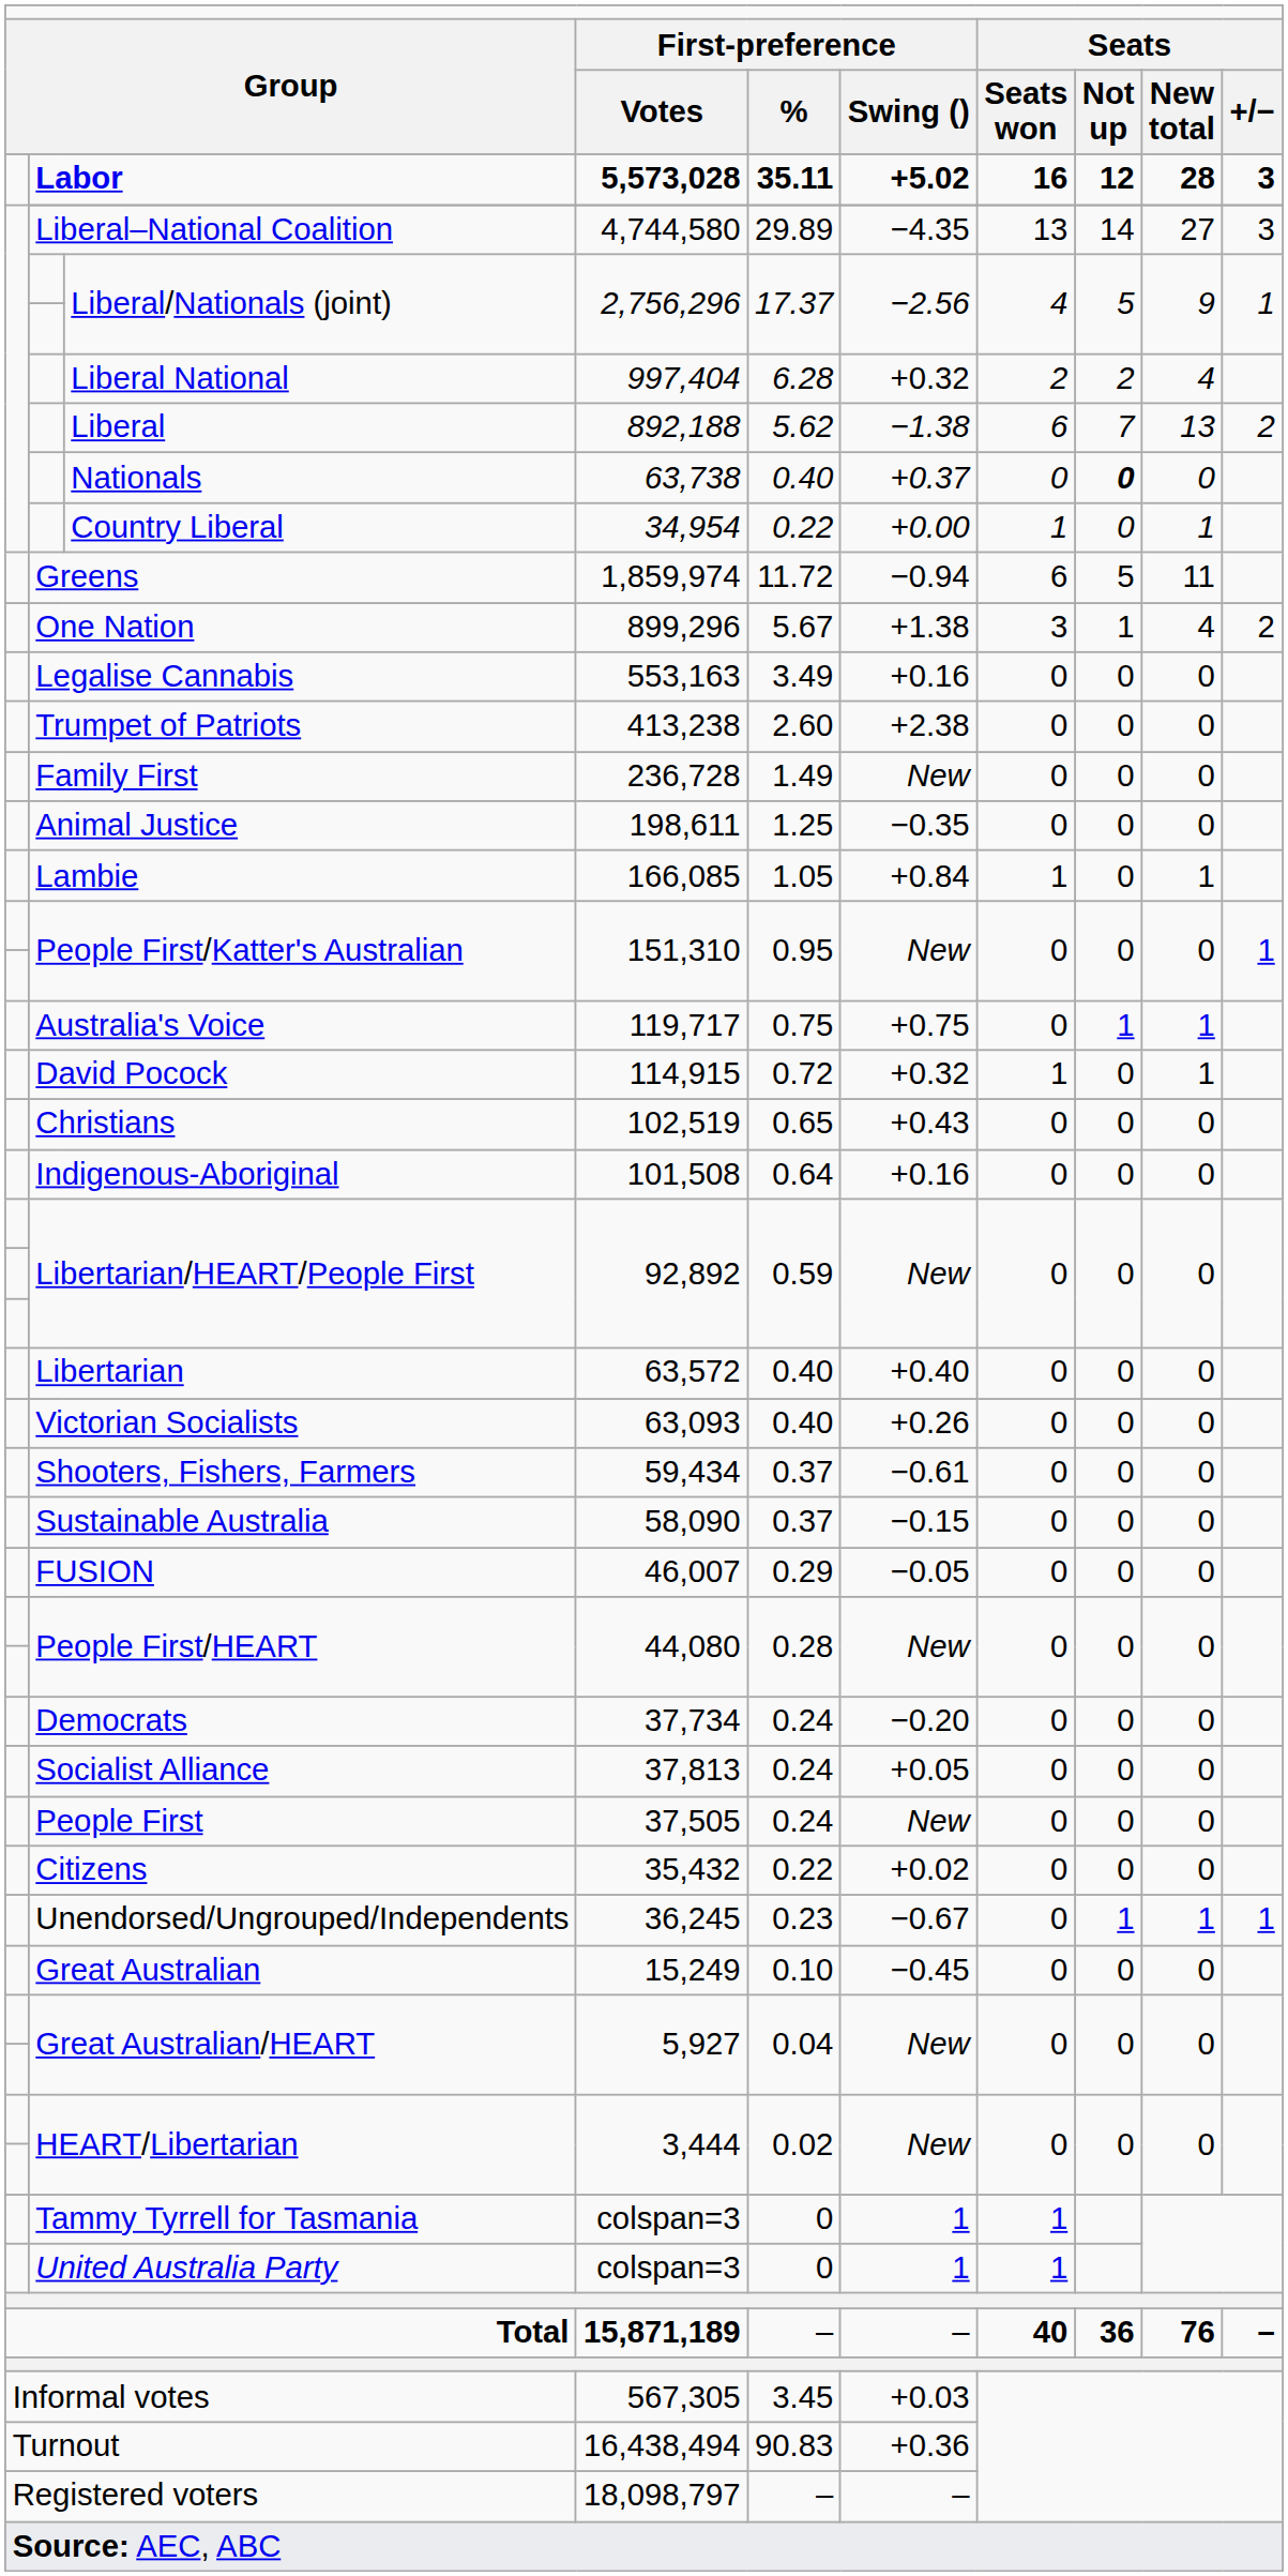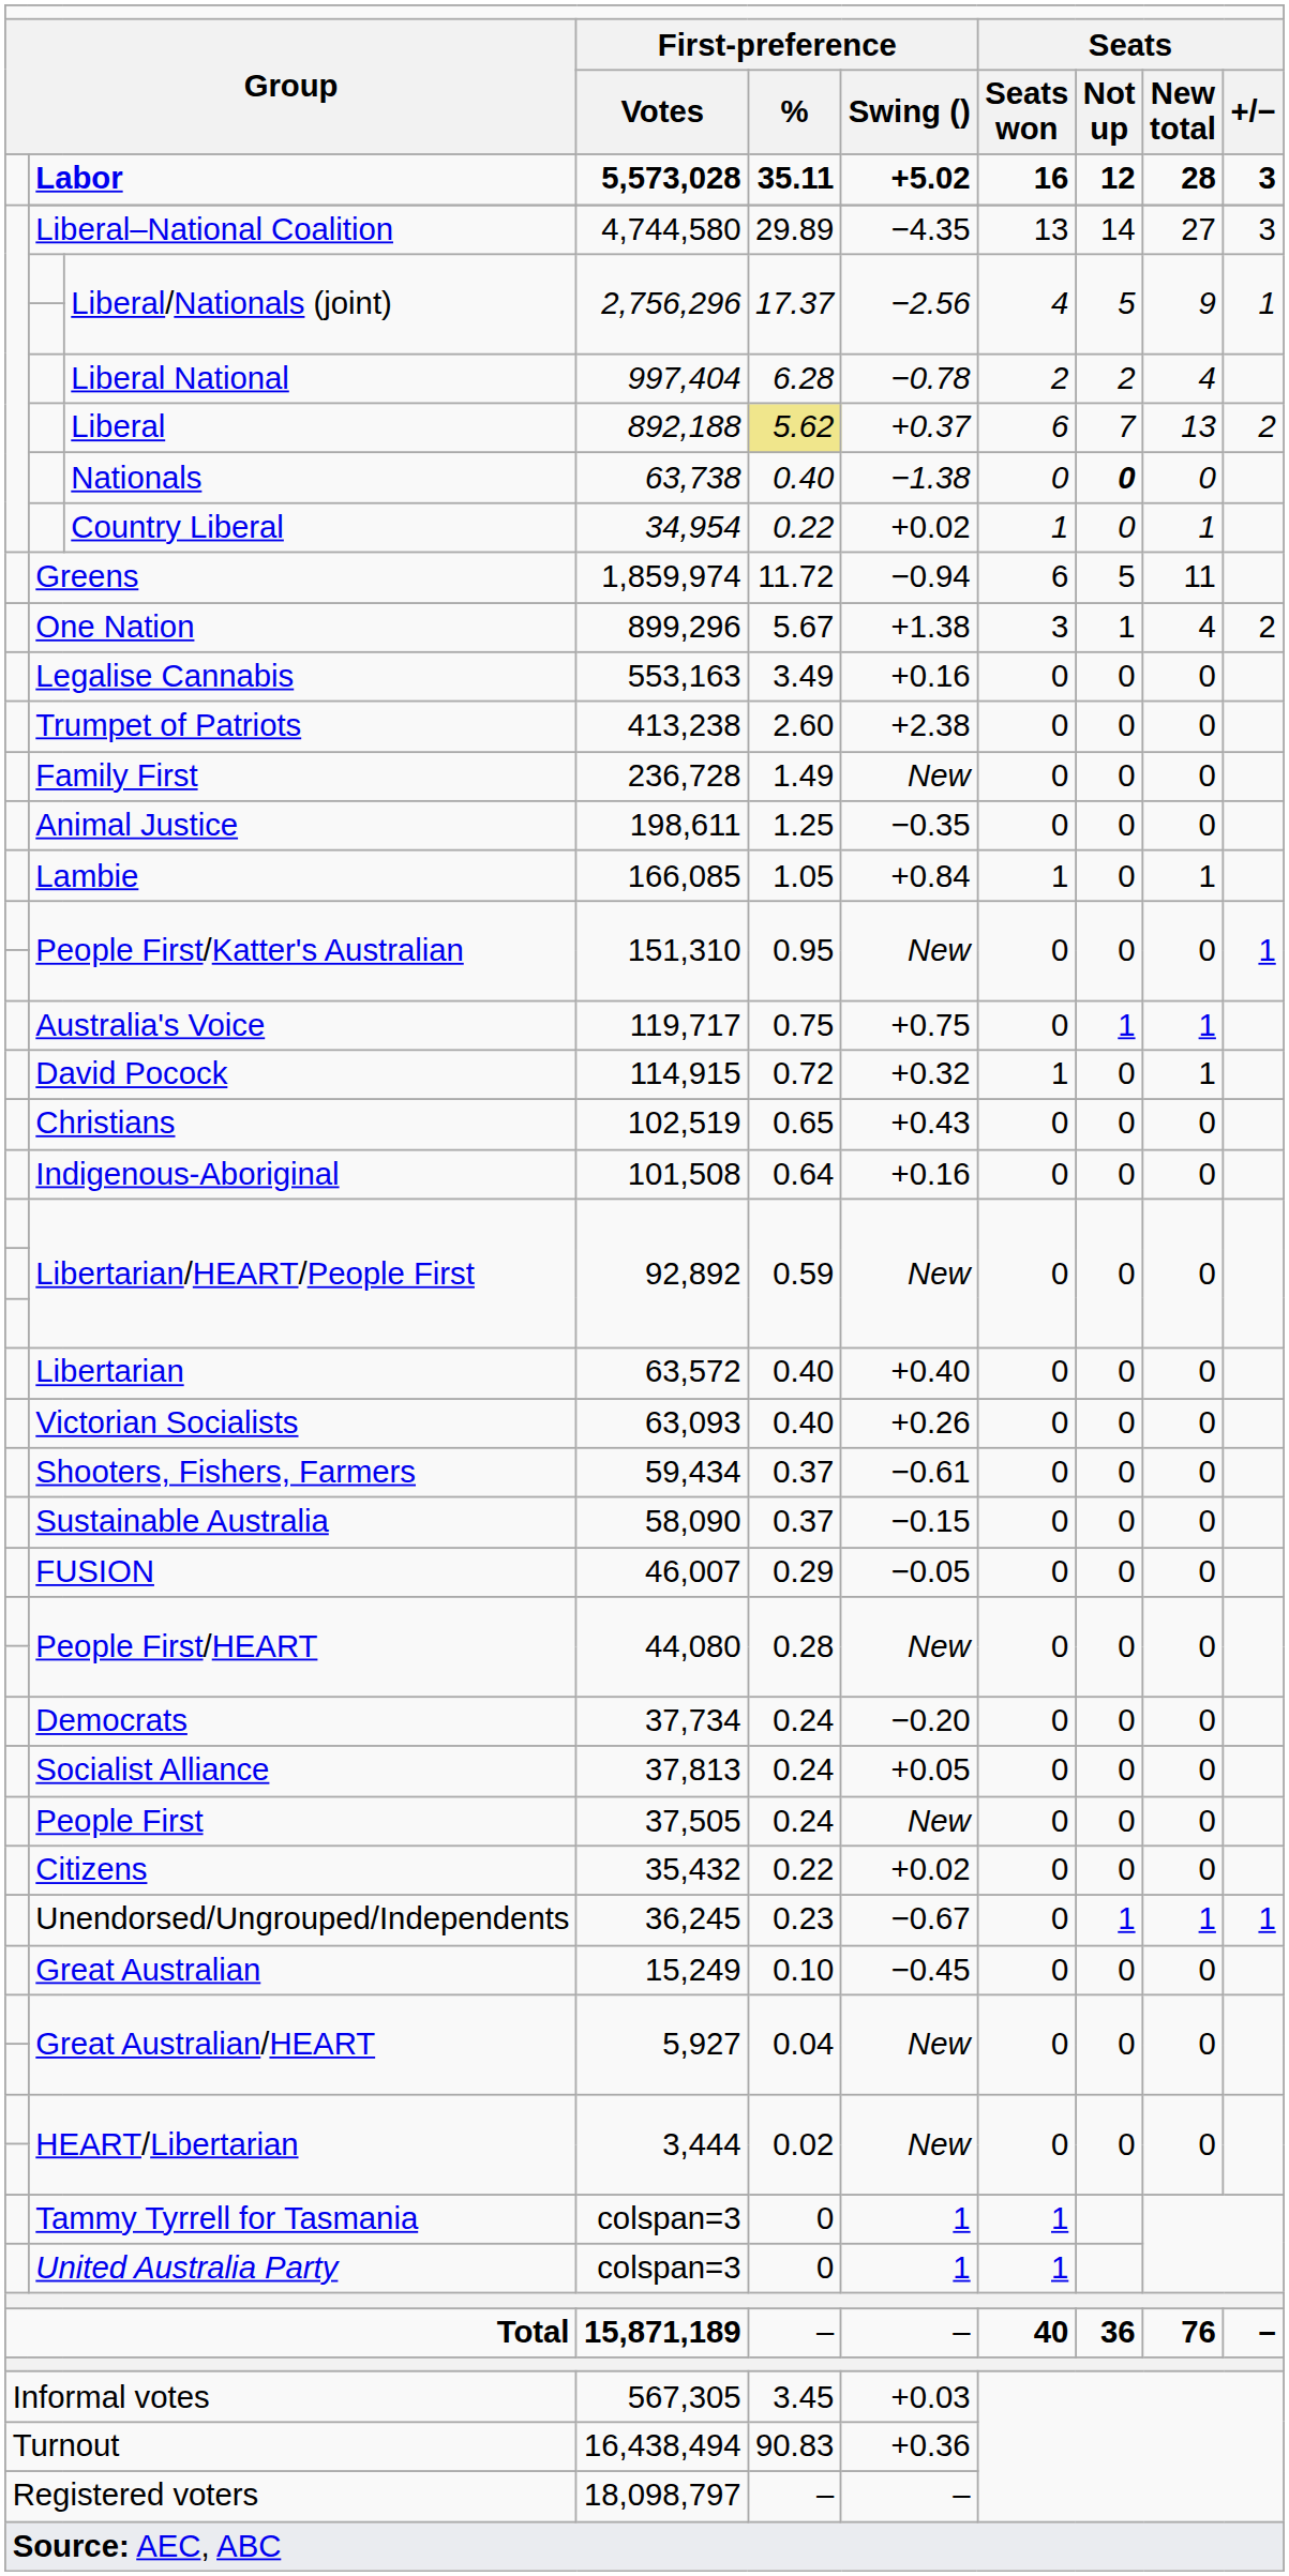 <table class="wikitable sortable mw-datatable" style="text-align:right; margin-bottom:0">
 <tr>
 <td colspan="10" align=center></td>
 </tr>
 <tr>
 <th colspan="3" rowspan="2">Group</th>
 <th colspan="3">First-preference</th>
 <th colspan="4">Seats</th>
 </tr>
 <tr>
 <th>Votes</th>
 <th>%</th>
 <th>Swing ()</th>
 <th>Seats<br>won</th>
 <th>Not<br>up</th>
 <th>New<br>total</th>
 <th>+/−</th>
 </tr>
 <tr>
 <td> </td>
 <td colspan="2" style="text-align:left;"><strong><a href='#'>Labor</a></strong></td>
 <td><strong>5,573,028</strong></td>
 <td><strong>35.11</strong></td>
 <td><strong>+5.02</strong></td>
 <td><strong>16 </strong></td>
 <td><strong>12</strong></td>
 <td><strong>28</strong></td>
 <td><strong> 3</strong></td>
 </tr>
 <tr>
 <td rowspan="8" > </td>
 </tr>
 <tr>
 <td colspan="2" style="text-align:left;"><a href='#'>Liberal–National Coalition</a></td>
 <td>4,744,580</td>
 <td>29.89</td>
 <td>−4.35</td>
 <td>13</td>
 <td>14</td>
 <td>27</td>
 <td> 3</td>
 </tr>
 <tr>
 <td> </td>
 <td rowspan="2" align="left"><a href='#'>Liberal</a>/<a href='#'>Nationals</a> (joint)</td>
 <td rowspan="2"><em>2,756,296</em></td>
 <td rowspan="2"><em>17.37</em></td>
 <td rowspan="2"><em>−2.56</em></td>
 <td rowspan="2"><em>4</em></td>
 <td rowspan="2"><em>5</em></td>
 <td rowspan="2"><em>9</em></td>
 <td rowspan="2"><em> 1</em></td>
 </tr>
 <tr>
 <td> </td>
 </tr>
 <tr>
 <td> </td>
 <td align="left"><a href='#'>Liberal National</a> </td>
 <td><em>997,404</em></td>
 <td><em>6.28</em></td>
-<td>+0.32</td>
+<td><em>−0.78</em></td>
 <td><em>2</em></td>
 <td><em>2</em></td>
 <td><em>4</em></td>
 <td><em></em></td>
 </tr>
 <tr>
 <td> </td>
 <td align="left"><a href='#'>Liberal</a></td>
 <td><em>892,188</em></td>
-<td><em>5.62</em></td>
-<td><em>−1.38</em></td>
+<td style="background: khaki;"><em>5.62</em></td>
+<td><em>+0.37</em></td>
 <td><em>6</em></td>
 <td><em>7</em></td>
 <td><em>13</em></td>
 <td><em> 2</em></td>
 </tr>
 <tr>
 <td> </td>
 <td align="left"><a href='#'>Nationals</a> </td>
 <td><em>63,738</em></td>
 <td><em>0.40</em></td>
-<td><em>+0.37</em></td>
+<td><em>−1.38</em></td>
 <td><em>0</em></td>
 <td><strong><em>0</em></strong></td>
 <td><em>0</em></td>
 <td><em></em></td>
 </tr>
 <tr>
 <td> </td>
 <td align="left"><a href='#'>Country Liberal</a> </td>
 <td><em>34,954</em></td>
 <td><em>0.22</em></td>
-<td><em>+0.00</em></td>
+<td>+0.02</td>
 <td><em>1</em></td>
 <td><em>0</em></td>
 <td><em>1</em></td>
 <td><em></em></td>
 </tr>
 <tr>
 <td> </td>
 <td colspan="2" style="text-align:left;"><a href='#'>Greens</a></td>
 <td>1,859,974</td>
 <td>11.72</td>
 <td>−0.94</td>
 <td>6</td>
 <td>5</td>
 <td>11</td>
 <td></td>
 </tr>
 <tr>
 <td> </td>
 <td colspan="2" style="text-align:left;"><a href='#'>One Nation</a></td>
 <td>899,296</td>
 <td>5.67</td>
 <td>+1.38</td>
 <td>3</td>
 <td>1</td>
 <td>4</td>
 <td><strong></strong> 2</td>
 </tr>
 <tr>
 <td> </td>
 <td colspan="2" style="text-align:left;"><a href='#'>Legalise Cannabis</a></td>
 <td>553,163</td>
 <td>3.49</td>
 <td>+0.16</td>
 <td>0</td>
 <td>0</td>
 <td>0</td>
 <td></td>
 </tr>
 <tr>
 <td> </td>
 <td colspan="2" style="text-align:left;"><a href='#'>Trumpet of Patriots</a></td>
 <td>413,238</td>
 <td>2.60</td>
 <td>+2.38</td>
 <td>0</td>
 <td>0</td>
 <td>0</td>
 <td></td>
 </tr>
 <tr>
 <td> </td>
 <td colspan="2" style="text-align:left;"><a href='#'>Family First</a></td>
 <td>236,728</td>
 <td>1.49</td>
 <td><em>New</em></td>
 <td>0</td>
 <td>0</td>
 <td>0</td>
 <td></td>
 </tr>
 <tr>
 <td> </td>
 <td colspan="2" style="text-align:left;"><a href='#'>Animal Justice</a></td>
 <td>198,611</td>
 <td>1.25</td>
 <td>−0.35</td>
 <td>0</td>
 <td>0</td>
 <td>0</td>
 <td></td>
 </tr>
 <tr>
 <td> </td>
 <td colspan="2" style="text-align:left;"><a href='#'>Lambie</a></td>
 <td>166,085</td>
 <td>1.05</td>
 <td>+0.84</td>
 <td>1</td>
 <td>0</td>
 <td>1</td>
 <td></td>
 </tr>
 <tr>
 <td> </td>
 <td rowspan="2" colspan="2" style="text-align:left;"><a href='#'>People First</a>/<a href='#'>Katter's Australian</a> </td>
 <td rowspan="2">151,310</td>
 <td rowspan="2">0.95</td>
 <td rowspan="2"><em>New</em></td>
 <td rowspan="2">0</td>
 <td rowspan="2">0</td>
 <td rowspan="2">0</td>
 <td rowspan="2"> <a href='#'>1</a></td>
 </tr>
 <tr>
 <td> </td>
 </tr>
 <tr>
 <td> </td>
 <td colspan="2" style="text-align:left;"><a href='#'>Australia's Voice</a></td>
 <td>119,717</td>
 <td>0.75</td>
 <td>+0.75</td>
 <td>0</td>
 <td><a href='#'>1</a></td>
 <td><a href='#'>1</a></td>
 <td></td>
 </tr>
 <tr>
 <td> </td>
 <td colspan="2" style="text-align:left;"><a href='#'>David Pocock</a></td>
 <td>114,915</td>
 <td>0.72</td>
 <td>+0.32</td>
 <td>1</td>
 <td>0</td>
 <td>1</td>
 <td></td>
 </tr>
 <tr>
 <td> </td>
 <td colspan="2" style="text-align:left;"><a href='#'>Christians</a></td>
 <td>102,519</td>
 <td>0.65</td>
 <td>+0.43</td>
 <td>0</td>
 <td>0</td>
 <td>0</td>
 <td></td>
 </tr>
 <tr>
 <td> </td>
 <td colspan="2" style="text-align:left;"><a href='#'>Indigenous-Aboriginal</a></td>
 <td>101,508</td>
 <td>0.64</td>
 <td>+0.16</td>
 <td>0</td>
 <td>0</td>
 <td>0</td>
 <td></td>
 </tr>
 <tr>
 <td> </td>
 <td rowspan="3" colspan="2" style="text-align:left;"><a href='#'>Libertarian</a>/<a href='#'>HEART</a>/<a href='#'>People First</a> </td>
 <td rowspan="3">92,892</td>
 <td rowspan="3">0.59</td>
 <td rowspan="3"><em>New</em></td>
 <td rowspan="3">0</td>
 <td rowspan="3">0</td>
 <td rowspan="3">0</td>
 <td rowspan="3"></td>
 </tr>
 <tr>
 <td> </td>
 </tr>
 <tr>
 <td> </td>
 </tr>
 <tr>
 <td> </td>
 <td colspan="2" style="text-align:left;"><a href='#'>Libertarian</a></td>
 <td>63,572</td>
 <td>0.40</td>
 <td>+0.40</td>
 <td>0</td>
 <td>0</td>
 <td>0</td>
 <td></td>
 </tr>
 <tr>
 <td> </td>
 <td colspan="2" style="text-align:left;"><a href='#'>Victorian Socialists</a></td>
 <td>63,093</td>
 <td>0.40</td>
 <td>+0.26</td>
 <td>0</td>
 <td>0</td>
 <td>0</td>
 <td></td>
 </tr>
 <tr>
 <td> </td>
 <td colspan="2" style="text-align:left;"><a href='#'>Shooters, Fishers, Farmers</a></td>
 <td>59,434</td>
 <td>0.37</td>
 <td>−0.61</td>
 <td>0</td>
 <td>0</td>
 <td>0</td>
 <td></td>
 </tr>
 <tr>
 <td> </td>
 <td colspan="2" style="text-align:left;"><a href='#'>Sustainable Australia</a></td>
 <td>58,090</td>
 <td>0.37</td>
 <td>−0.15</td>
 <td>0</td>
 <td>0</td>
 <td>0</td>
 <td></td>
 </tr>
 <tr>
 <td> </td>
 <td colspan="2" style="text-align:left;"><a href='#'>FUSION</a></td>
 <td>46,007</td>
 <td>0.29</td>
 <td>−0.05</td>
 <td>0</td>
 <td>0</td>
 <td>0</td>
 <td></td>
 </tr>
 <tr>
 <td> </td>
 <td rowspan="2" colspan="2" style="text-align:left;"><a href='#'>People First</a>/<a href='#'>HEART</a> </td>
 <td rowspan="2">44,080</td>
 <td rowspan="2">0.28</td>
 <td rowspan="2"><em>New</em></td>
 <td rowspan="2">0</td>
 <td rowspan="2">0</td>
 <td rowspan="2">0</td>
 <td rowspan="2"></td>
 </tr>
 <tr>
 <td> </td>
 </tr>
 <tr>
 <td> </td>
 <td colspan="2" style="text-align:left;"><a href='#'>Democrats</a></td>
 <td>37,734</td>
 <td>0.24</td>
 <td>−0.20</td>
 <td>0</td>
 <td>0</td>
 <td>0</td>
 <td></td>
 </tr>
 <tr>
 <td> </td>
 <td colspan="2" style="text-align:left;"><a href='#'>Socialist Alliance</a></td>
 <td>37,813</td>
 <td>0.24</td>
 <td>+0.05</td>
 <td>0</td>
 <td>0</td>
 <td>0</td>
 <td></td>
 </tr>
 <tr>
 <td> </td>
 <td colspan="2" style="text-align:left;"><a href='#'>People First</a></td>
 <td>37,505</td>
 <td>0.24</td>
 <td><em>New</em></td>
 <td>0</td>
 <td>0</td>
 <td>0</td>
 <td></td>
 </tr>
 <tr>
 <td> </td>
 <td colspan="2" style="text-align:left;"><a href='#'>Citizens</a></td>
 <td>35,432</td>
 <td>0.22</td>
 <td>+0.02</td>
 <td>0</td>
 <td>0</td>
 <td>0</td>
 <td></td>
 </tr>
 <tr>
 <td> </td>
 <td colspan="2" style="text-align:left;">Unendorsed/Ungrouped/Independents</td>
 <td>36,245</td>
 <td>0.23</td>
 <td>−0.67</td>
 <td>0</td>
 <td><a href='#'>1</a></td>
 <td><a href='#'>1</a></td>
 <td> <a href='#'>1</a></td>
 </tr>
 <tr>
 <td> </td>
 <td colspan="2" style="text-align:left;"><a href='#'>Great Australian</a></td>
 <td>15,249</td>
 <td>0.10</td>
 <td>−0.45</td>
 <td>0</td>
 <td>0</td>
 <td>0</td>
 <td></td>
 </tr>
 <tr>
 <td> </td>
 <td rowspan="2" colspan="2" style="text-align:left;"><a href='#'>Great Australian</a>/<a href='#'>HEART</a> </td>
 <td rowspan="2">5,927</td>
 <td rowspan="2">0.04</td>
 <td rowspan="2"><em>New</em></td>
 <td rowspan="2">0</td>
 <td rowspan="2">0</td>
 <td rowspan="2">0</td>
 <td rowspan="2"></td>
 </tr>
 <tr>
 <td> </td>
 </tr>
 <tr>
 <td> </td>
 <td rowspan="2" colspan="2" style="text-align:left;"><a href='#'>HEART</a>/<a href='#'>Libertarian</a> </td>
 <td rowspan="2">3,444</td>
 <td rowspan="2">0.02</td>
 <td rowspan="2"><em>New</em></td>
 <td rowspan="2">0</td>
 <td rowspan="2">0</td>
 <td rowspan="2">0</td>
 <td rowspan="2"></td>
 </tr>
 <tr>
 <td> </td>
 </tr>
 <tr>
 <td> </td>
 <td colspan="2" style="text-align:left;"><a href='#'>Tammy Tyrrell for Tasmania</a> </td>
 <td>colspan=3 </td>
 <td>0</td>
 <td><a href='#'>1</a></td>
 <td><a href='#'>1</a></td>
 <td></td>
 </tr>
 <tr>
 <td> </td>
 <td colspan="2" style="text-align:left;"><a href='#'><em>United Australia Party</em></a></td>
 <td>colspan=3 </td>
 <td>0</td>
 <td><a href='#'>1</a></td>
 <td><a href='#'>1</a></td>
 <td></td>
 </tr>
 <tr>
 <th colspan=10></th>
 </tr>
 <tr>
 <td colspan="3"><strong>Total</strong></td>
 <td><strong>15,871,189</strong></td>
 <td>–</td>
 <td>–</td>
 <td><strong>40</strong></td>
 <td><strong>36</strong></td>
 <td><strong>76</strong></td>
 <td><strong>–</strong></td>
 </tr>
 <tr>
 <th colspan=10></th>
 </tr>
 <tr>
 <td colspan="3" align=left>Informal votes</td>
 <td>567,305</td>
 <td>3.45</td>
 <td>+0.03</td>
 </tr>
 <tr>
 <td colspan="3" align=left>Turnout</td>
 <td>16,438,494</td>
 <td>90.83</td>
 <td>+0.36</td>
 </tr>
 <tr>
 <td colspan="3" align=left>Registered voters</td>
 <td>18,098,797</td>
 <td>–</td>
 <td>–</td>
 </tr>
 <tr>
 <td colspan="10" style="text-align:left; background-color:#eaecf0"><strong>Source:</strong> <a href='#'>AEC</a>, <a href='#'>ABC</a></td>
 </tr>
 </table>
